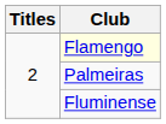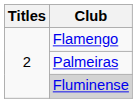 <table class="wikitable">
 <tr>
 <th>Titles</th>
 <th>Club</th>
 </tr>
 <tr>
 <td rowspan=3 align=center>2</td>
-<td style="background: lightyellow;"><a href='#'>Flamengo</a></td>
+<td><a href='#'>Flamengo</a></td>
 </tr>
 <tr>
 <td><a href='#'>Palmeiras</a></td>
 </tr>
 <tr>
-<td><a href='#'>Fluminense</a></td>
+<td style="background: lightgrey;"><a href='#'>Fluminense</a></td>
 </tr>
 </table>
